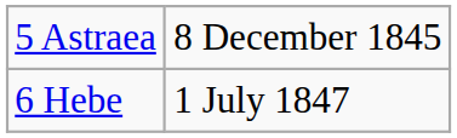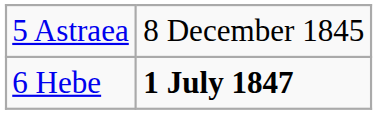 <table class="wikitable" align="left" style="margin-left: 0.8em; margin-top: 0; font-size: 0.9em;">
 <tr>
 <td><a href='#'>5 Astraea</a></td>
 <td>8 December 1845</td>
 </tr>
 <tr>
 <td><a href='#'>6 Hebe</a></td>
-<td>1 July 1847</td>
+<td><strong>1 July 1847</strong></td>
 </tr>
 </table>
